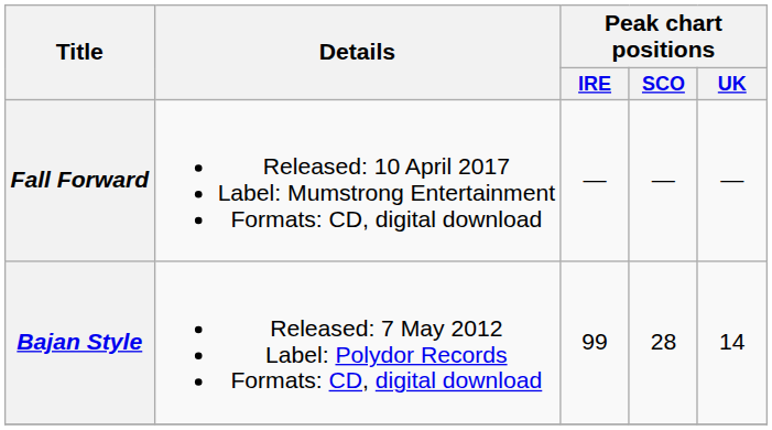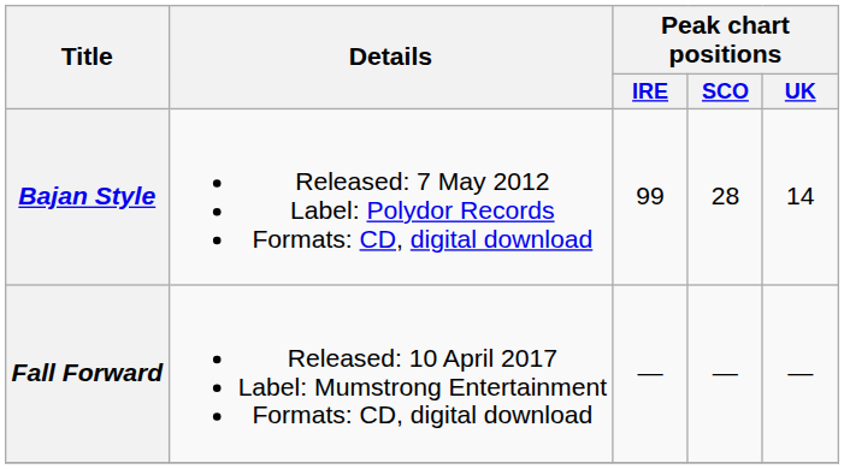 <table class="wikitable plainrowheaders" style="text-align:center;">
 <tr>
 <th scope="col" rowspan="2">Title</th>
 <th scope="col" rowspan="2">Details</th>
 <th scope="col" colspan="3">Peak chart positions</th>
 </tr>
 <tr>
 <th scope="col" style="width:3em;font-size:85%;"><a href='#'>IRE</a><br></th>
 <th scope="col" style="width:3em;font-size:85%;"><a href='#'>SCO</a><br></th>
 <th scope="col" style="width:3em;font-size:85%;"><a href='#'>UK</a><br></th>
 </tr>
 <tr>
+<th scope="row"><em><a href='#'>Bajan Style</a></em></th>
+<td><br><ul><li>Released: 7 May 2012</li><li>Label: <a href='#'>Polydor Records</a></li><li>Formats: <a href='#'>CD</a>, <a href='#'>digital download</a></li></ul></td>
+<td>99</td>
+<td>28</td>
+<td>14</td>
+</tr>
+<tr>
 <th scope="row"><em>Fall Forward</em></th>
 <td><br><ul><li>Released: 10 April 2017</li><li>Label: Mumstrong Entertainment</li><li>Formats: CD, digital download</li></ul></td>
 <td>—</td>
 <td>—</td>
 <td>—</td>
 </tr>
 <tr>
-<th scope="row"><em><a href='#'>Bajan Style</a></em></th>
-<td><br><ul><li>Released: 7 May 2012</li><li>Label: <a href='#'>Polydor Records</a></li><li>Formats: <a href='#'>CD</a>, <a href='#'>digital download</a></li></ul></td>
-<td>99</td>
-<td>28</td>
-<td>14</td>
-</tr>
-<tr>
 </tr>
 </table>
